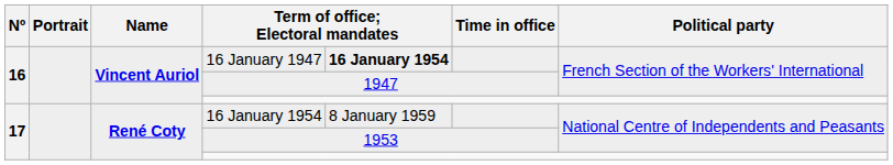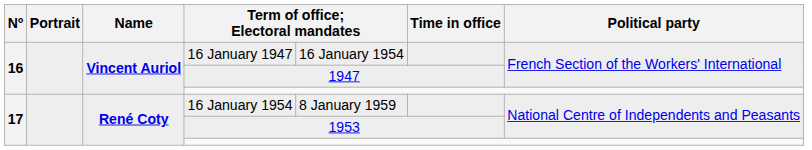 <table class="wikitable">
 <tr ->
 <th>Nº</th>
 <th>Portrait</th>
 <th>Name<br></th>
 <th colspan=2>Term of office;<br>Electoral mandates</th>
 <th>Time in office</th>
 <th>Political party</th>
 </tr>
 <tr - bgcolor=#EEEEEE>
 <th rowspan=3 style="background:">16</th>
 <td rowspan=3></td>
 <td rowspan=3 align=center><strong><a href='#'>Vincent Auriol</a></strong><br></td>
 <td>16 January 1947</td>
-<td><strong>16 January 1954</strong></td>
+<td>16 January 1954</td>
 <td></td>
 <td rowspan=2><a href='#'>French Section of the Workers' International</a></td>
 </tr>
 <tr - bgcolor=#EEEEEE>
 <td colspan=3 align="center"><a href='#'>1947</a></td>
 </tr>
 <tr>
 <td colspan=4></td>
 </tr>
 <tr - bgcolor=#EEEEEE>
 <th rowspan=3 style="background:">17</th>
 <td rowspan=3></td>
 <td rowspan=3 align=center><strong><a href='#'>René Coty</a></strong><br></td>
 <td>16 January 1954</td>
 <td>8 January 1959</td>
 <td></td>
 <td rowspan=2><a href='#'>National Centre of Independents and Peasants</a></td>
 </tr>
 <tr - bgcolor=#EEEEEE>
 <td colspan=3 align="center"><a href='#'>1953</a></td>
 </tr>
 <tr>
 <td colspan=4></td>
 </tr>
 </table>
